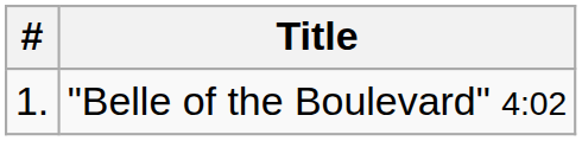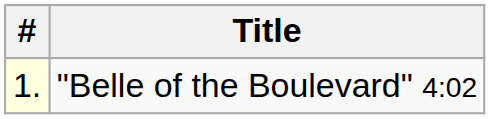 <table class="wikitable">
 <tr>
 <th>#</th>
 <th>Title</th>
 </tr>
 <tr>
-<td>1.</td>
+<td style="background: lightyellow;">1.</td>
 <td>"Belle of the Boulevard" <small>4:02</small></td>
 </tr>
 </table>
